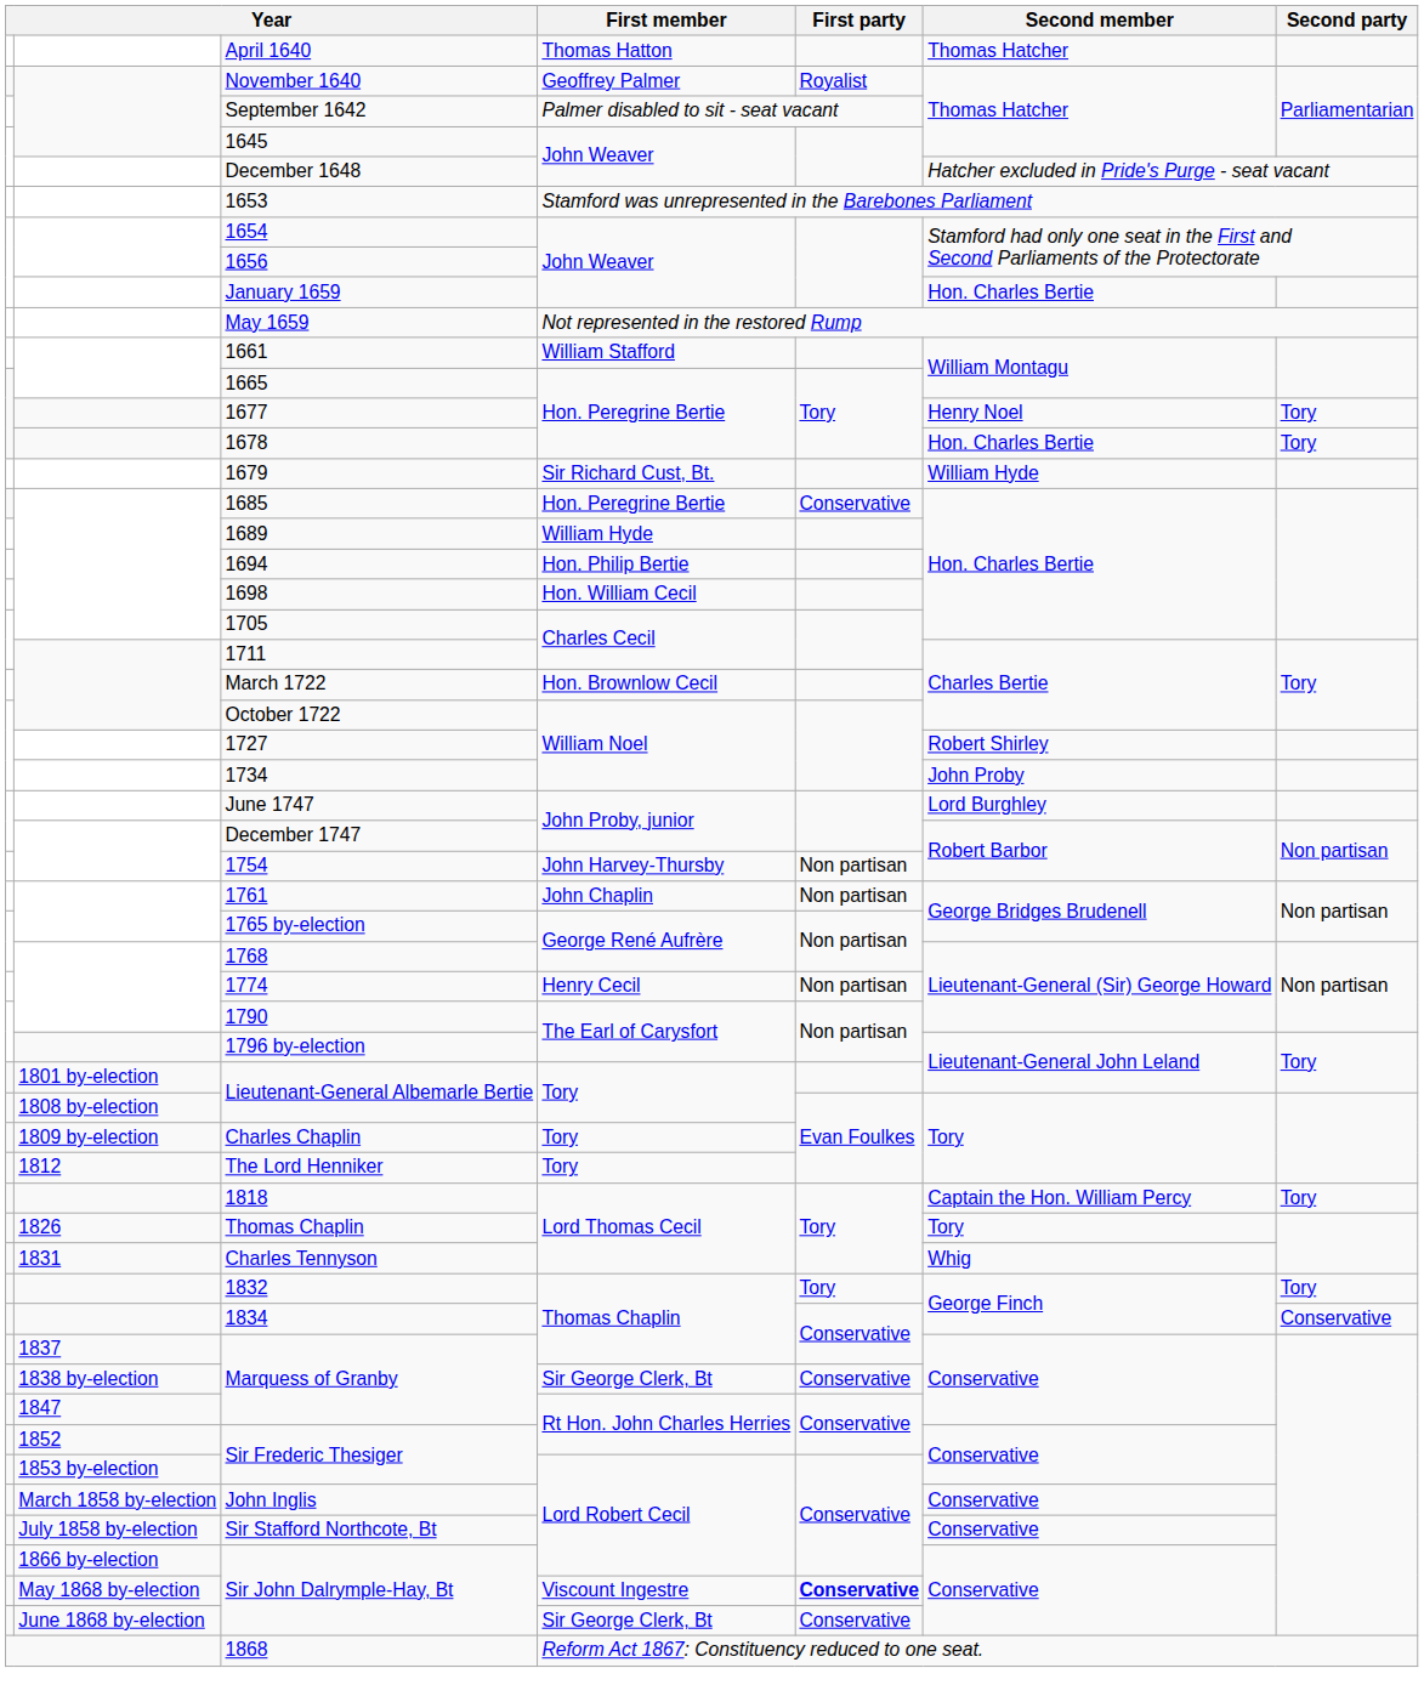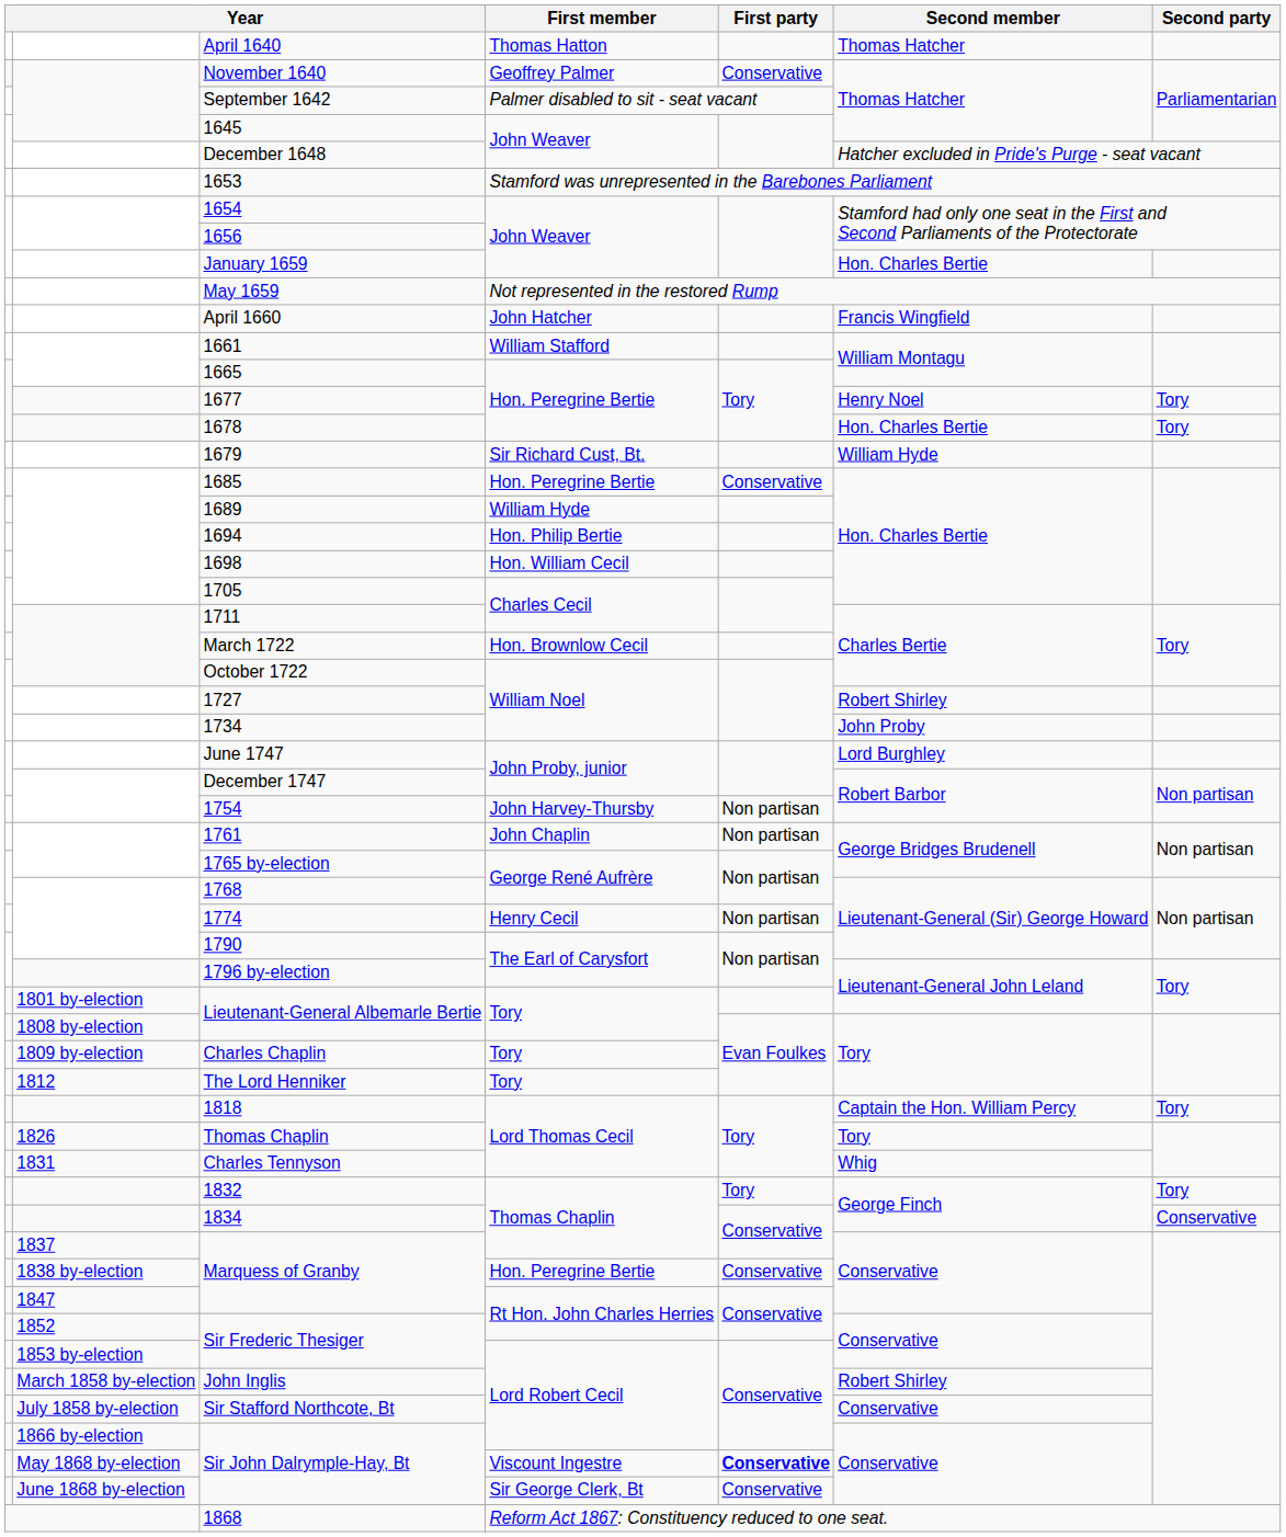 <table class="wikitable">
 <tr>
 <th colspan="3">Year</th>
 <th>First member</th>
 <th>First party</th>
 <th>Second member</th>
 <th>Second party</th>
 </tr>
 <tr>
 <td style="color:inherit;background-color: white"></td>
 <td style="color:inherit;background-color: white"></td>
 <td><a href='#'>April 1640</a></td>
 <td><a href='#'>Thomas Hatton</a></td>
 <td></td>
 <td><a href='#'>Thomas Hatcher</a></td>
 <td></td>
 </tr>
 <tr>
 <td style="color:inherit;background-color: "></td>
 <td rowspan="3" style="color:inherit;background-color: "></td>
 <td><a href='#'>November 1640</a></td>
 <td><a href='#'>Geoffrey Palmer</a></td>
-<td><a href='#'>Royalist</a></td>
+<td><a href='#'>Conservative</a></td>
 <td rowspan="3"><a href='#'>Thomas Hatcher</a></td>
 <td rowspan="3"><a href='#'>Parliamentarian</a></td>
 </tr>
 <tr>
 <td style="color:inherit;background-color: white"></td>
 <td>September 1642</td>
 <td colspan="2"><em>Palmer disabled to sit - seat vacant</em></td>
 </tr>
 <tr>
 <td rowspan="2" style="color:inherit;background-color: white"></td>
 <td>1645</td>
 <td rowspan="2"><a href='#'>John Weaver</a></td>
 <td rowspan="2"></td>
 </tr>
 <tr>
 <td style="color:inherit;background-color: white"></td>
 <td>December 1648</td>
 <td colspan="2"><em>Hatcher excluded in <a href='#'>Pride's Purge</a> - seat vacant</em></td>
 </tr>
 <tr>
 <td style="color:inherit;background-color: white"></td>
 <td style="color:inherit;background-color: white"></td>
 <td>1653</td>
 <td colspan="4"><em>Stamford was unrepresented in the <a href='#'>Barebones Parliament</a></em></td>
 </tr>
 <tr>
 <td rowspan="3" style="color:inherit;background-color: white"></td>
 <td rowspan="2" style="color:inherit;background-color: white"></td>
 <td><a href='#'>1654</a></td>
 <td rowspan="3"><a href='#'>John Weaver</a></td>
 <td rowspan="3"></td>
 <td rowspan="2" colspan="2"><em>Stamford had only one seat in the <a href='#'>First</a> and <br><a href='#'>Second</a> Parliaments of the Protectorate</em></td>
 </tr>
 <tr>
 <td><a href='#'>1656</a></td>
 </tr>
 <tr>
 <td style="color:inherit;background-color: white"></td>
 <td><a href='#'>January 1659</a></td>
 <td><a href='#'>Hon. Charles Bertie</a></td>
 <td></td>
 </tr>
 <tr>
 <td style="color:inherit;background-color: white"></td>
 <td style="color:inherit;background-color: white"></td>
 <td><a href='#'>May 1659</a></td>
 <td colspan="4"><em>Not represented in the restored <a href='#'>Rump</a></em></td>
+</tr>
+<tr>
+<td style="color:inherit;background-color: white"></td>
+<td style="color:inherit;background-color: white"></td>
+<td>April 1660</td>
+<td><a href='#'>John Hatcher</a></td>
+<td></td>
+<td><a href='#'>Francis Wingfield</a></td>
+<td></td>
 </tr>
 <tr>
 <td style="color:inherit;background-color: white"></td>
 <td rowspan="2" style="color:inherit;background-color: white"></td>
 <td>1661</td>
 <td><a href='#'>William Stafford</a></td>
 <td></td>
 <td rowspan="2"><a href='#'>William Montagu</a></td>
 <td rowspan="2"></td>
 </tr>
 <tr>
 <td rowspan="3" style="color:inherit;background-color: "></td>
 <td>1665</td>
 <td rowspan="3"><a href='#'>Hon. Peregrine Bertie</a></td>
 <td rowspan="3"><a href='#'>Tory</a></td>
 </tr>
 <tr>
 <td style="color:inherit;background-color: "></td>
 <td>1677</td>
 <td><a href='#'>Henry Noel</a></td>
 <td><a href='#'>Tory</a></td>
 </tr>
 <tr>
 <td style="color:inherit;background-color: "></td>
 <td>1678</td>
 <td><a href='#'>Hon. Charles Bertie</a></td>
 <td><a href='#'>Tory</a></td>
 </tr>
 <tr>
 <td style="color:inherit;background-color: white"></td>
 <td style="color:inherit;background-color: white"></td>
 <td>1679</td>
 <td><a href='#'>Sir Richard Cust, Bt.</a></td>
 <td></td>
 <td><a href='#'>William Hyde</a></td>
 <td></td>
 </tr>
 <tr>
 <td style="color:inherit;background-color: "></td>
 <td rowspan="5" style="color:inherit;background-color: white"></td>
 <td>1685</td>
 <td><a href='#'>Hon. Peregrine Bertie</a></td>
 <td><a href='#'>Conservative</a></td>
 <td rowspan="5"><a href='#'>Hon. Charles Bertie</a></td>
 <td rowspan="5"></td>
 </tr>
 <tr>
 <td style="color:inherit;background-color: white"></td>
 <td>1689</td>
 <td><a href='#'>William Hyde</a></td>
 <td></td>
 </tr>
 <tr>
 <td style="color:inherit;background-color: white"></td>
 <td>1694</td>
 <td><a href='#'>Hon. Philip Bertie</a></td>
 <td></td>
 </tr>
 <tr>
 <td style="color:inherit;background-color: white"></td>
 <td>1698</td>
 <td><a href='#'>Hon. William Cecil</a></td>
 <td></td>
 </tr>
 <tr>
 <td rowspan="2" style="color:inherit;background-color: white"></td>
 <td>1705</td>
 <td rowspan="2"><a href='#'>Charles Cecil</a></td>
 <td rowspan="2"></td>
 </tr>
 <tr>
 <td rowspan="3" style="color:inherit;background-color: "></td>
 <td>1711</td>
 <td rowspan="3"><a href='#'>Charles Bertie</a></td>
 <td rowspan="3"><a href='#'>Tory</a></td>
 </tr>
 <tr>
 <td style="color:inherit;background-color: white"></td>
 <td>March 1722</td>
 <td><a href='#'>Hon. Brownlow Cecil</a></td>
 <td></td>
 </tr>
 <tr>
 <td rowspan="3" style="color:inherit;background-color: white"></td>
 <td>October 1722</td>
 <td rowspan="3"><a href='#'>William Noel</a></td>
 <td rowspan="3"></td>
 </tr>
 <tr>
 <td style="color:inherit;background-color: white"></td>
 <td>1727</td>
 <td><a href='#'>Robert Shirley</a></td>
 <td></td>
 </tr>
 <tr>
 <td style="color:inherit;background-color: white"></td>
 <td>1734</td>
 <td><a href='#'>John Proby</a></td>
 <td></td>
 </tr>
 <tr>
 <td rowspan="2" style="color:inherit;background-color: white"></td>
 <td style="color:inherit;background-color: white"></td>
 <td>June 1747</td>
 <td rowspan="2"><a href='#'>John Proby, junior</a></td>
 <td rowspan="2"></td>
 <td><a href='#'>Lord Burghley</a></td>
 <td></td>
 </tr>
 <tr>
 <td rowspan="2" style="color:inherit;background-color: white"></td>
 <td>December 1747</td>
 <td rowspan="2"><a href='#'>Robert Barbor</a></td>
 <td rowspan="2"><a href='#'>Non partisan</a></td>
 </tr>
 <tr>
 <td style="color:inherit;background-color: white"></td>
 <td><a href='#'>1754</a></td>
 <td><a href='#'>John Harvey-Thursby</a></td>
 <td>Non partisan</td>
 </tr>
 <tr>
 <td style="color:inherit;background-color: white"></td>
 <td style="color:inherit;background-color: white" rowspan="2"></td>
 <td><a href='#'>1761</a></td>
 <td><a href='#'>John Chaplin</a></td>
 <td>Non partisan</td>
 <td rowspan="2"><a href='#'>George Bridges Brudenell</a></td>
 <td rowspan="2">Non partisan</td>
 </tr>
 <tr>
 <td style="color:inherit;background-color: white" rowspan="2"></td>
 <td><a href='#'>1765 by-election</a></td>
 <td rowspan="2"><a href='#'>George René Aufrère</a></td>
 <td rowspan="2">Non partisan</td>
 </tr>
 <tr>
 <td style="color:inherit;background-color: white" rowspan="3"></td>
 <td><a href='#'>1768</a></td>
 <td rowspan="3"><a href='#'>Lieutenant-General (Sir) George Howard</a></td>
 <td rowspan="3">Non partisan</td>
 </tr>
 <tr>
 <td style="color:inherit;background-color: white"></td>
 <td><a href='#'>1774</a></td>
 <td><a href='#'>Henry Cecil</a></td>
 <td>Non partisan</td>
 </tr>
 <tr>
 <td style="color:inherit;background-color: white" rowspan="2"></td>
 <td><a href='#'>1790</a></td>
 <td rowspan="2"><a href='#'>The Earl of Carysfort</a></td>
 <td rowspan="2">Non partisan</td>
 </tr>
 <tr>
 <td style="color:inherit;background-color: "></td>
 <td><a href='#'>1796 by-election</a></td>
 <td rowspan="2"><a href='#'>Lieutenant-General John Leland</a></td>
 <td rowspan="2"><a href='#'>Tory</a></td>
 </tr>
 <tr>
 <td style="color:inherit;background-color: "></td>
 <td><a href='#'>1801 by-election</a></td>
 <td rowspan="2"><a href='#'>Lieutenant-General Albemarle Bertie</a></td>
 <td rowspan="2"><a href='#'>Tory</a></td>
 </tr>
 <tr>
 <td style="color:inherit;background-color: "></td>
 <td><a href='#'>1808 by-election</a></td>
 <td rowspan="3"><a href='#'>Evan Foulkes</a></td>
 <td rowspan="3"><a href='#'>Tory</a></td>
 </tr>
 <tr>
 <td style="color:inherit;background-color: "></td>
 <td><a href='#'>1809 by-election</a></td>
 <td><a href='#'>Charles Chaplin</a></td>
 <td><a href='#'>Tory</a></td>
 </tr>
 <tr>
 <td style="color:inherit;background-color: "></td>
 <td><a href='#'>1812</a></td>
 <td><a href='#'>The Lord Henniker</a></td>
 <td><a href='#'>Tory</a></td>
 </tr>
 <tr>
 <td style="color:inherit;background-color: "></td>
 <td style="color:inherit;background-color: "></td>
 <td><a href='#'>1818</a></td>
 <td rowspan="3"><a href='#'>Lord Thomas Cecil</a></td>
 <td rowspan="3"><a href='#'>Tory</a></td>
 <td><a href='#'>Captain the Hon. William Percy</a></td>
 <td><a href='#'>Tory</a></td>
 </tr>
 <tr>
 <td style="color:inherit;background-color: "></td>
 <td><a href='#'>1826</a></td>
 <td><a href='#'>Thomas Chaplin</a></td>
 <td><a href='#'>Tory</a></td>
 </tr>
 <tr>
 <td style="color:inherit;background-color: "></td>
 <td><a href='#'>1831</a></td>
 <td><a href='#'>Charles Tennyson</a></td>
 <td><a href='#'>Whig</a></td>
 </tr>
 <tr>
 <td style="color:inherit;background-color: "></td>
 <td style="color:inherit;background-color: "></td>
 <td><a href='#'>1832</a></td>
 <td rowspan="3"><a href='#'>Thomas Chaplin</a></td>
 <td rowspan=""><a href='#'>Tory</a></td>
 <td rowspan="2"><a href='#'>George Finch</a></td>
 <td><a href='#'>Tory</a></td>
 </tr>
 <tr>
 <td style="color:inherit;background-color: "></td>
 <td style="color:inherit;background-color: "></td>
 <td><a href='#'>1834</a></td>
 <td rowspan="2"><a href='#'>Conservative</a></td>
 <td><a href='#'>Conservative</a></td>
 </tr>
 <tr>
 <td style="color:inherit;background-color: "></td>
 <td><a href='#'>1837</a></td>
 <td rowspan="3"><a href='#'>Marquess of Granby</a></td>
 <td rowspan="3"><a href='#'>Conservative</a></td>
 </tr>
 <tr>
 <td style="color:inherit;background-color: "></td>
 <td><a href='#'>1838 by-election</a></td>
-<td><a href='#'>Sir George Clerk, Bt</a></td>
+<td><a href='#'>Hon. Peregrine Bertie</a></td>
 <td><a href='#'>Conservative</a></td>
 </tr>
 <tr>
 <td style="color:inherit;background-color: "></td>
 <td><a href='#'>1847</a></td>
 <td rowspan="2"><a href='#'>Rt Hon. John Charles Herries</a></td>
 <td rowspan="2"><a href='#'>Conservative</a></td>
 </tr>
 <tr>
 <td style="color:inherit;background-color: "></td>
 <td><a href='#'>1852</a></td>
 <td rowspan="2"><a href='#'>Sir Frederic Thesiger</a></td>
 <td rowspan="2"><a href='#'>Conservative</a></td>
 </tr>
 <tr>
 <td style="color:inherit;background-color: "></td>
 <td><a href='#'>1853 by-election</a></td>
 <td rowspan="4"><a href='#'>Lord Robert Cecil</a></td>
 <td rowspan="4"><a href='#'>Conservative</a></td>
 </tr>
 <tr>
 <td style="color:inherit;background-color: "></td>
 <td><a href='#'>March 1858 by-election</a></td>
 <td><a href='#'>John Inglis</a></td>
-<td><a href='#'>Conservative</a></td>
+<td><a href='#'>Robert Shirley</a></td>
 </tr>
 <tr>
 <td style="color:inherit;background-color: "></td>
 <td><a href='#'>July 1858 by-election</a></td>
 <td><a href='#'>Sir Stafford Northcote, Bt</a></td>
 <td><a href='#'>Conservative</a></td>
 </tr>
 <tr>
 <td style="color:inherit;background-color: "></td>
 <td><a href='#'>1866 by-election</a></td>
 <td rowspan="3"><a href='#'>Sir John Dalrymple-Hay, Bt</a></td>
 <td rowspan="3"><a href='#'>Conservative</a></td>
 </tr>
 <tr>
 <td style="color:inherit;background-color: "></td>
 <td><a href='#'>May 1868 by-election</a></td>
 <td><a href='#'>Viscount Ingestre</a></td>
 <td><strong><a href='#'>Conservative</a></strong></td>
 </tr>
 <tr>
 <td style="color:inherit;background-color: "></td>
 <td><a href='#'>June 1868 by-election</a></td>
 <td><a href='#'>Sir George Clerk, Bt</a></td>
 <td><a href='#'>Conservative</a></td>
 </tr>
 <tr>
 <td colspan="2"></td>
 <td><a href='#'>1868</a></td>
 <td colspan="4"><em><a href='#'>Reform Act 1867</a>: Constituency reduced to one seat.</em></td>
 </tr>
 </table>
